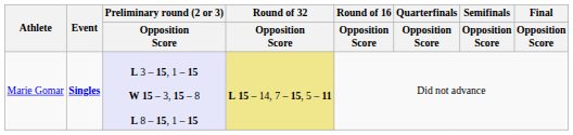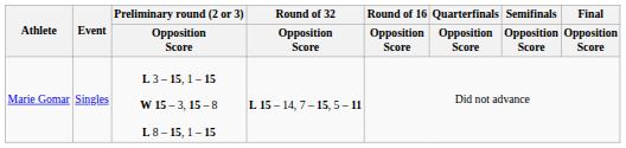 <table class="wikitable" border="1" style="font-size:90%">
 <tr>
 <th rowspan=2>Athlete</th>
 <th rowspan=2>Event</th>
 <th>Preliminary round (2 or 3)</th>
 <th>Round of 32</th>
 <th>Round of 16</th>
 <th>Quarterfinals</th>
 <th>Semifinals</th>
 <th>Final</th>
 </tr>
 <tr>
 <th>Opposition<br>Score</th>
 <th>Opposition<br>Score</th>
 <th>Opposition<br>Score</th>
 <th>Opposition<br>Score</th>
 <th>Opposition<br>Score</th>
 <th>Opposition<br>Score</th>
 </tr>
 <tr>
 <td><a href='#'>Marie Gomar</a></td>
-<td><strong><a href='#'>Singles</a></strong></td>
-<td align=center style="background: lavender;"><br><strong>L</strong> 3 – <strong>15</strong>, 1 – <strong>15</strong><br><br><strong>W</strong> <strong>15</strong> – 3, <strong>15</strong> – 8<br><br><strong>L</strong> 8 – <strong>15</strong>, 1 – <strong>15</strong></td>
-<td align=center style="background: khaki;"><br><strong>L</strong> <strong>15</strong> – 14, 7 – <strong>15</strong>, 5 – <strong>11</strong></td>
+<td><a href='#'>Singles</a></td>
+<td align=center><br><strong>L</strong> 3 – <strong>15</strong>, 1 – <strong>15</strong><br><br><strong>W</strong> <strong>15</strong> – 3, <strong>15</strong> – 8<br><br><strong>L</strong> 8 – <strong>15</strong>, 1 – <strong>15</strong></td>
+<td align=center><br><strong>L</strong> <strong>15</strong> – 14, 7 – <strong>15</strong>, 5 – <strong>11</strong></td>
 <td align=center colspan="7">Did not advance</td>
 </tr>
 </table>
